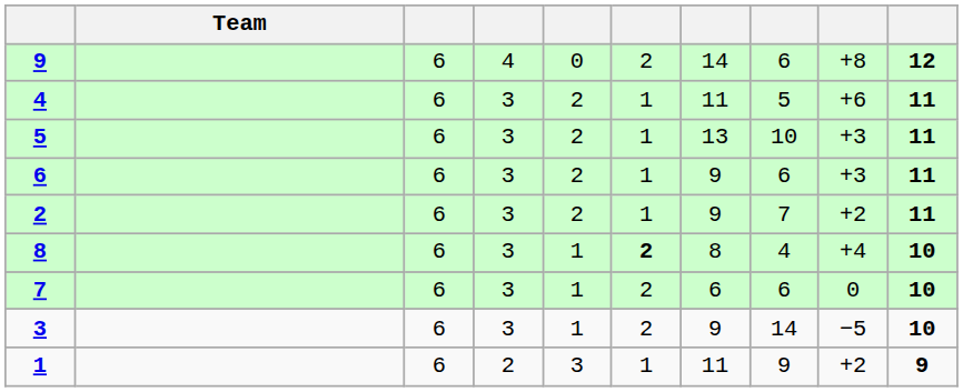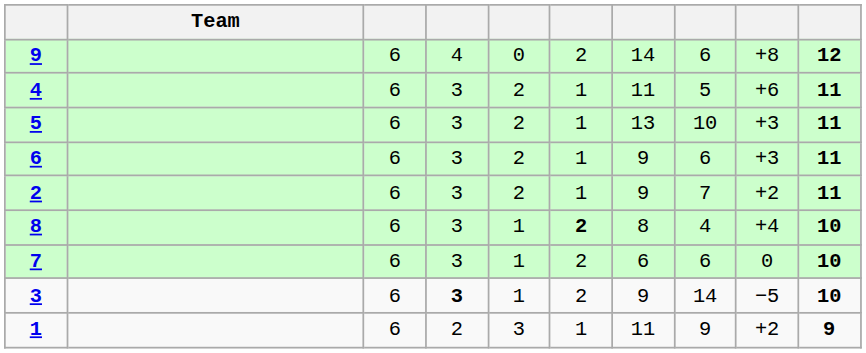 <table class="wikitable" style="text-align: center; font-size: 90%;">
 <tr>
 <th width=30></th>
 <th width=165>Team</th>
 <th width=30></th>
 <th width=30></th>
 <th width=30></th>
 <th width=30></th>
 <th width=30></th>
 <th width=30></th>
 <th width=30></th>
 <th width=30></th>
 </tr>
 <tr bgcolor="#ccffcc">
 <td><strong><a href='#'>9</a></strong></td>
 <td align="left"></td>
 <td>6</td>
 <td>4</td>
 <td>0</td>
 <td>2</td>
 <td>14</td>
 <td>6</td>
 <td>+8</td>
 <td><strong>12</strong></td>
 </tr>
 <tr bgcolor="#ccffcc">
 <td><strong><a href='#'>4</a></strong></td>
 <td align="left"></td>
 <td>6</td>
 <td>3</td>
 <td>2</td>
 <td>1</td>
 <td>11</td>
 <td>5</td>
 <td>+6</td>
 <td><strong>11</strong></td>
 </tr>
 <tr bgcolor="#ccffcc">
 <td><strong><a href='#'>5</a></strong></td>
 <td align="left"></td>
 <td>6</td>
 <td>3</td>
 <td>2</td>
 <td>1</td>
 <td>13</td>
 <td>10</td>
 <td>+3</td>
 <td><strong>11</strong></td>
 </tr>
 <tr bgcolor="#ccffcc">
 <td><strong><a href='#'>6</a></strong></td>
 <td align="left"></td>
 <td>6</td>
 <td>3</td>
 <td>2</td>
 <td>1</td>
 <td>9</td>
 <td>6</td>
 <td>+3</td>
 <td><strong>11</strong></td>
 </tr>
 <tr bgcolor="#ccffcc">
 <td><strong><a href='#'>2</a></strong></td>
 <td align="left"></td>
 <td>6</td>
 <td>3</td>
 <td>2</td>
 <td>1</td>
 <td>9</td>
 <td>7</td>
 <td>+2</td>
 <td><strong>11</strong></td>
 </tr>
 <tr bgcolor="#ccffcc">
 <td><strong><a href='#'>8</a></strong></td>
 <td align="left"></td>
 <td>6</td>
 <td>3</td>
 <td>1</td>
 <td><strong>2</strong></td>
 <td>8</td>
 <td>4</td>
 <td>+4</td>
 <td><strong>10</strong></td>
 </tr>
 <tr bgcolor="#ccffcc">
 <td><strong><a href='#'>7</a></strong></td>
 <td align="left"></td>
 <td>6</td>
 <td>3</td>
 <td>1</td>
 <td>2</td>
 <td>6</td>
 <td>6</td>
 <td>0</td>
 <td><strong>10</strong></td>
 </tr>
 <tr>
 <td><strong><a href='#'>3</a></strong></td>
 <td align="left"></td>
 <td>6</td>
-<td>3</td>
+<td><strong>3</strong></td>
 <td>1</td>
 <td>2</td>
 <td>9</td>
 <td>14</td>
 <td>−5</td>
 <td><strong>10</strong></td>
 </tr>
 <tr>
 <td><strong><a href='#'>1</a></strong></td>
 <td align="left"></td>
 <td>6</td>
 <td>2</td>
 <td>3</td>
 <td>1</td>
 <td>11</td>
 <td>9</td>
 <td>+2</td>
 <td><strong>9</strong></td>
 </tr>
 </table>
